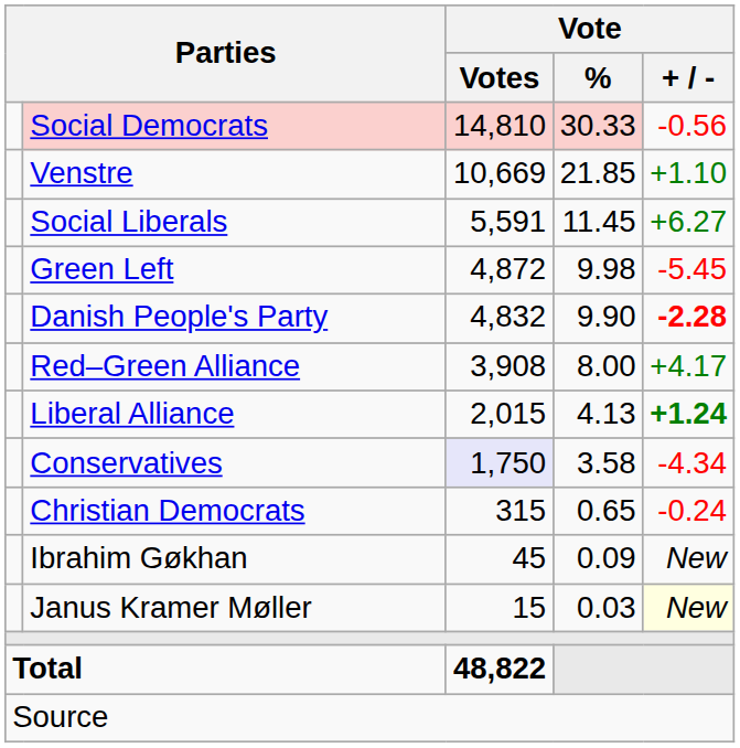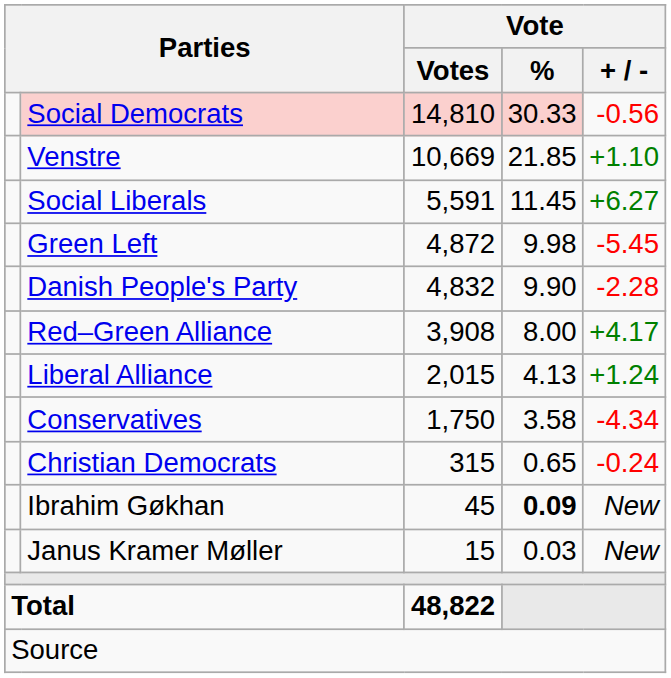 <table class="wikitable" style="text-align:right;">
 <tr>
 <th style="text-align:centre;" rowspan="2" colspan="2" width="225">Parties</th>
 <th colspan="3">Vote</th>
 </tr>
 <tr>
 <th width="15">Votes</th>
 <th width="15">%</th>
 <th width="15">+ / -</th>
 </tr>
 <tr>
 <td width="2" style="color:inherit;background:"></td>
 <td bgcolor=#fbd0ce  align="left"><a href='#'>Social Democrats</a></td>
 <td bgcolor=#fbd0ce>14,810</td>
 <td bgcolor=#fbd0ce>30.33</td>
 <td style=color:red;>-0.56</td>
 </tr>
 <tr>
 <td width="2" style="color:inherit;background:"></td>
 <td align="left"><a href='#'>Venstre</a></td>
 <td>10,669</td>
 <td>21.85</td>
 <td style=color:green;>+1.10</td>
 </tr>
 <tr>
 <td width="2" style="color:inherit;background:"></td>
 <td align="left"><a href='#'>Social Liberals</a></td>
 <td>5,591</td>
 <td>11.45</td>
 <td style=color:green;>+6.27</td>
 </tr>
 <tr>
 <td width="2" style="color:inherit;background:"></td>
 <td align="left"><a href='#'>Green Left</a></td>
 <td>4,872</td>
 <td>9.98</td>
 <td style=color:red;>-5.45</td>
 </tr>
 <tr>
 <td width="2" style="color:inherit;background:"></td>
 <td align="left"><a href='#'>Danish People's Party</a></td>
 <td>4,832</td>
 <td>9.90</td>
-<td style=color:red;><strong>-2.28</strong></td>
+<td style=color:red;>-2.28</td>
 </tr>
 <tr>
 <td width="2" style="color:inherit;background:"></td>
 <td align="left"><a href='#'>Red–Green Alliance</a></td>
 <td>3,908</td>
 <td>8.00</td>
 <td style=color:green;>+4.17</td>
 </tr>
 <tr>
 <td width="2" style="color:inherit;background:"></td>
 <td align="left"><a href='#'>Liberal Alliance</a></td>
 <td>2,015</td>
 <td>4.13</td>
-<td style=color:green;><strong>+1.24</strong></td>
+<td style=color:green;>+1.24</td>
 </tr>
 <tr>
 <td width="2" style="color:inherit;background:"></td>
 <td align="left"><a href='#'>Conservatives</a></td>
-<td style="background: lavender;">1,750</td>
+<td>1,750</td>
 <td>3.58</td>
 <td style=color:red;>-4.34</td>
 </tr>
 <tr>
 <td width="2" style="color:inherit;background:"></td>
 <td align="left"><a href='#'>Christian Democrats</a></td>
 <td>315</td>
 <td>0.65</td>
 <td style=color:red;>-0.24</td>
 </tr>
 <tr>
 <td width="2" style="color:inherit;background:"></td>
 <td align="left">Ibrahim Gøkhan</td>
 <td>45</td>
-<td>0.09</td>
+<td><strong>0.09</strong></td>
 <td><em>New</em></td>
 </tr>
 <tr>
 <td width="2" style="color:inherit;background:"></td>
 <td align="left">Janus Kramer Møller</td>
 <td>15</td>
 <td>0.03</td>
-<td style="background: lightyellow;"><em>New</em></td>
+<td><em>New</em></td>
 </tr>
 <tr>
 <td colspan="7" bgcolor="#E9E9E9"></td>
 </tr>
 <tr>
 <td align="left" colspan="2"><strong>Total</strong></td>
 <td><strong>48,822</strong></td>
 <td bgcolor="#E9E9E9" colspan="2"></td>
 </tr>
 <tr>
 <td align="left" colspan="6">Source</td>
 </tr>
 </table>
